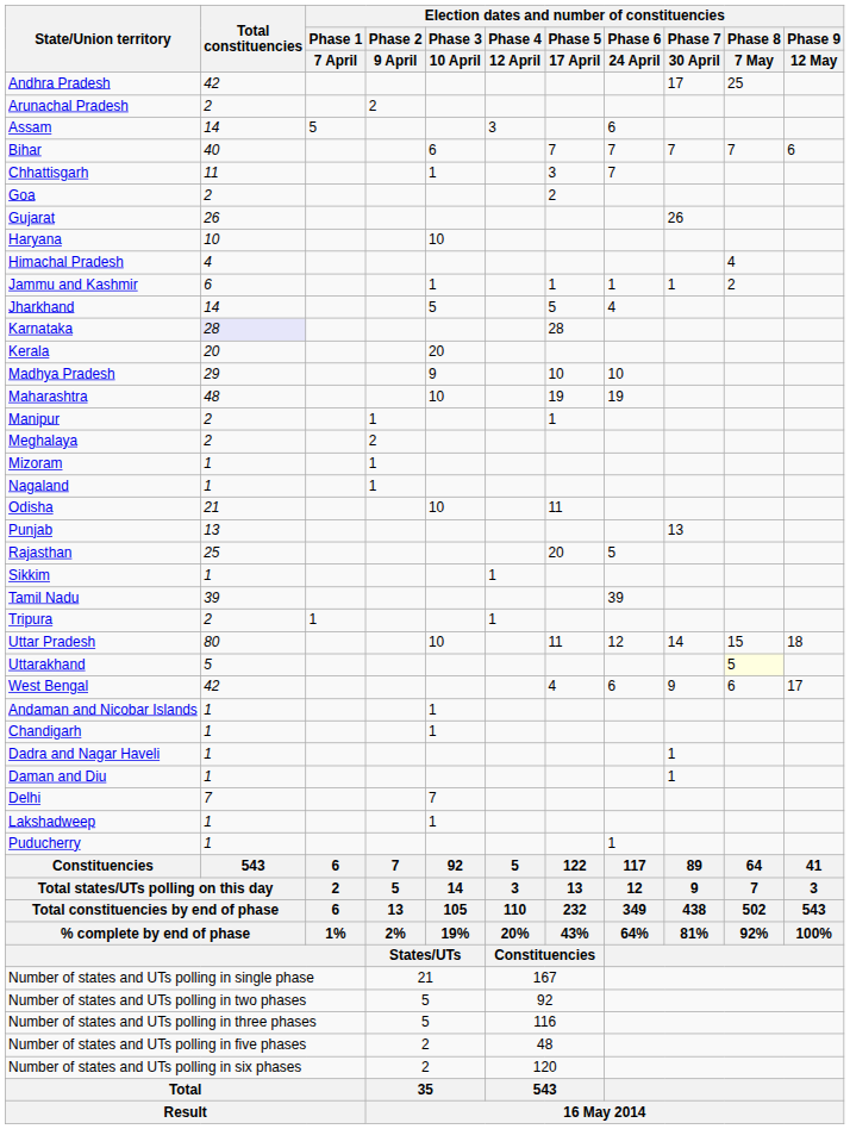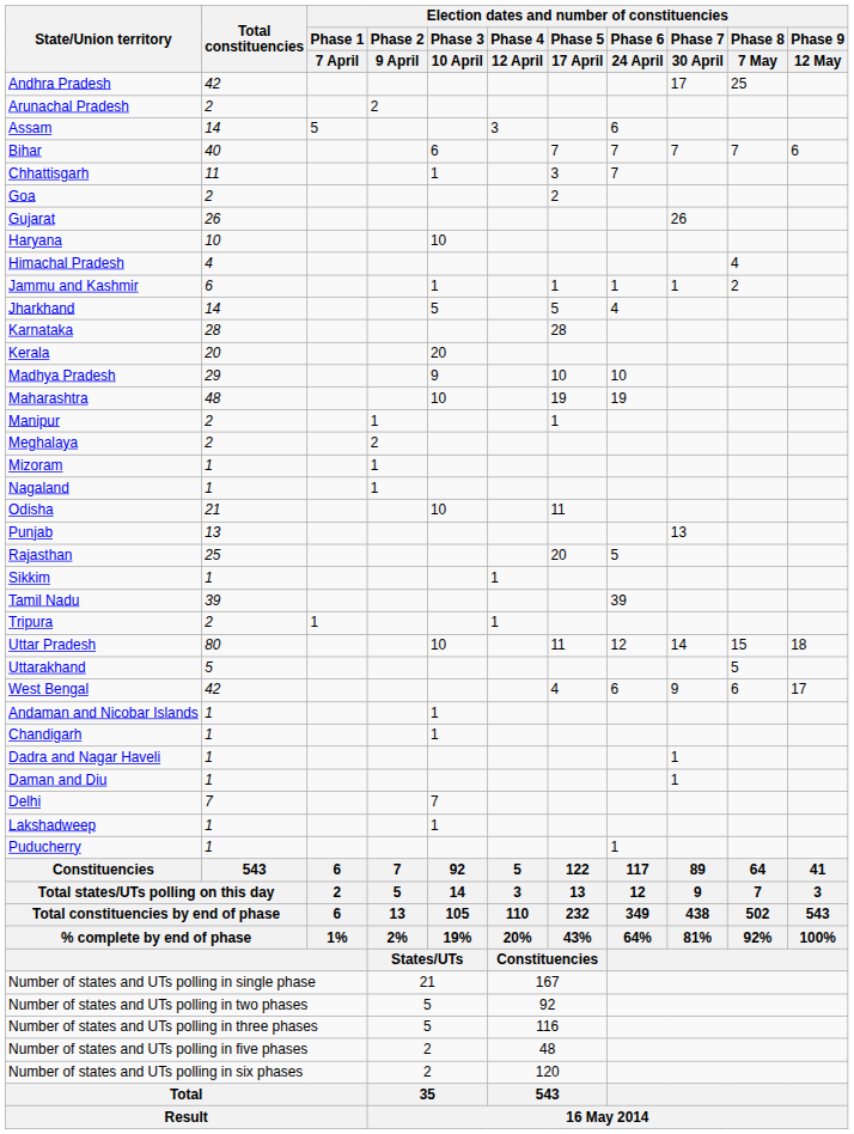 <table class="wikitable collapsible">
 <tr>
 <th rowspan="3">State/Union territory</th>
 <th rowspan="3">Total<br>constituencies</th>
 <th colspan="9">Election dates and number of constituencies</th>
 </tr>
 <tr>
 <th>Phase 1</th>
 <th>Phase 2</th>
 <th>Phase 3</th>
 <th>Phase 4</th>
 <th>Phase 5</th>
 <th>Phase 6</th>
 <th>Phase 7</th>
 <th>Phase 8</th>
 <th>Phase 9</th>
 </tr>
 <tr>
 <th>7 April</th>
 <th>9 April</th>
 <th>10 April</th>
 <th>12 April</th>
 <th>17 April</th>
 <th>24 April</th>
 <th>30 April</th>
 <th>7 May</th>
 <th>12 May</th>
 </tr>
 <tr>
 <td><a href='#'>Andhra Pradesh</a></td>
 <td><em>42</em></td>
 <td></td>
 <td></td>
 <td></td>
 <td></td>
 <td></td>
 <td></td>
 <td>17</td>
 <td>25</td>
 <td></td>
 </tr>
 <tr>
 <td><a href='#'>Arunachal Pradesh</a></td>
 <td><em>2</em></td>
 <td></td>
 <td>2</td>
 <td></td>
 <td></td>
 <td></td>
 <td></td>
 <td></td>
 <td></td>
 <td></td>
 </tr>
 <tr>
 <td><a href='#'>Assam</a></td>
 <td><em>14</em></td>
 <td>5</td>
 <td></td>
 <td></td>
 <td>3</td>
 <td></td>
 <td>6</td>
 <td></td>
 <td></td>
 <td></td>
 </tr>
 <tr>
 <td><a href='#'>Bihar</a></td>
 <td><em>40</em></td>
 <td></td>
 <td></td>
 <td>6</td>
 <td></td>
 <td>7</td>
 <td>7</td>
 <td>7</td>
 <td>7</td>
 <td>6</td>
 </tr>
 <tr>
 <td><a href='#'>Chhattisgarh</a></td>
 <td><em>11</em></td>
 <td></td>
 <td></td>
 <td>1</td>
 <td></td>
 <td>3</td>
 <td>7</td>
 <td></td>
 <td></td>
 <td></td>
 </tr>
 <tr>
 <td><a href='#'>Goa</a></td>
 <td><em>2</em></td>
 <td></td>
 <td></td>
 <td></td>
 <td></td>
 <td>2</td>
 <td></td>
 <td></td>
 <td></td>
 <td></td>
 </tr>
 <tr>
 <td><a href='#'>Gujarat</a></td>
 <td><em>26</em></td>
 <td></td>
 <td></td>
 <td></td>
 <td></td>
 <td></td>
 <td></td>
 <td>26</td>
 <td></td>
 <td></td>
 </tr>
 <tr>
 <td><a href='#'>Haryana</a></td>
 <td><em>10</em></td>
 <td></td>
 <td></td>
 <td>10</td>
 <td></td>
 <td></td>
 <td></td>
 <td></td>
 <td></td>
 <td></td>
 </tr>
 <tr>
 <td><a href='#'>Himachal Pradesh</a></td>
 <td><em>4</em></td>
 <td></td>
 <td></td>
 <td></td>
 <td></td>
 <td></td>
 <td></td>
 <td></td>
 <td>4</td>
 <td></td>
 </tr>
 <tr>
 <td><a href='#'>Jammu and Kashmir</a></td>
 <td><em>6</em></td>
 <td></td>
 <td></td>
 <td>1</td>
 <td></td>
 <td>1</td>
 <td>1</td>
 <td>1</td>
 <td>2</td>
 <td></td>
 </tr>
 <tr>
 <td><a href='#'>Jharkhand</a></td>
 <td><em>14</em></td>
 <td></td>
 <td></td>
 <td>5</td>
 <td></td>
 <td>5</td>
 <td>4</td>
 <td></td>
 <td></td>
 <td></td>
 </tr>
 <tr>
 <td><a href='#'>Karnataka</a></td>
-<td style="background: lavender;"><em>28</em></td>
+<td><em>28</em></td>
 <td></td>
 <td></td>
 <td></td>
 <td></td>
 <td>28</td>
 <td></td>
 <td></td>
 <td></td>
 <td></td>
 </tr>
 <tr>
 <td><a href='#'>Kerala</a></td>
 <td><em>20</em></td>
 <td></td>
 <td></td>
 <td>20</td>
 <td></td>
 <td></td>
 <td></td>
 <td></td>
 <td></td>
 <td></td>
 </tr>
 <tr>
 <td><a href='#'>Madhya Pradesh</a></td>
 <td><em>29</em></td>
 <td></td>
 <td></td>
 <td>9</td>
 <td></td>
 <td>10</td>
 <td>10</td>
 <td></td>
 <td></td>
 <td></td>
 </tr>
 <tr>
 <td><a href='#'>Maharashtra</a></td>
 <td><em>48</em></td>
 <td></td>
 <td></td>
 <td>10</td>
 <td></td>
 <td>19</td>
 <td>19</td>
 <td></td>
 <td></td>
 <td></td>
 </tr>
 <tr>
 <td><a href='#'>Manipur</a></td>
 <td><em>2</em></td>
 <td></td>
 <td>1</td>
 <td></td>
 <td></td>
 <td>1</td>
 <td></td>
 <td></td>
 <td></td>
 <td></td>
 </tr>
 <tr>
 <td><a href='#'>Meghalaya</a></td>
 <td><em>2</em></td>
 <td></td>
 <td>2</td>
 <td></td>
 <td></td>
 <td></td>
 <td></td>
 <td></td>
 <td></td>
 <td></td>
 </tr>
 <tr>
 <td><a href='#'>Mizoram</a></td>
 <td><em>1</em></td>
 <td></td>
 <td>1</td>
 <td></td>
 <td></td>
 <td></td>
 <td></td>
 <td></td>
 <td></td>
 <td></td>
 </tr>
 <tr>
 <td><a href='#'>Nagaland</a></td>
 <td><em>1</em></td>
 <td></td>
 <td>1</td>
 <td></td>
 <td></td>
 <td></td>
 <td></td>
 <td></td>
 <td></td>
 <td></td>
 </tr>
 <tr>
 <td><a href='#'>Odisha</a></td>
 <td><em>21</em></td>
 <td></td>
 <td></td>
 <td>10</td>
 <td></td>
 <td>11</td>
 <td></td>
 <td></td>
 <td></td>
 </tr>
 <tr>
 <td><a href='#'>Punjab</a></td>
 <td><em>13</em></td>
 <td></td>
 <td></td>
 <td></td>
 <td></td>
 <td></td>
 <td></td>
 <td>13</td>
 <td></td>
 <td></td>
 </tr>
 <tr>
 <td><a href='#'>Rajasthan</a></td>
 <td><em>25</em></td>
 <td></td>
 <td></td>
 <td></td>
 <td></td>
 <td>20</td>
 <td>5</td>
 <td></td>
 <td></td>
 <td></td>
 </tr>
 <tr>
 <td><a href='#'>Sikkim</a></td>
 <td><em>1</em></td>
 <td></td>
 <td></td>
 <td></td>
 <td>1</td>
 <td></td>
 <td></td>
 <td></td>
 <td></td>
 </tr>
 <tr>
 <td><a href='#'>Tamil Nadu</a></td>
 <td><em>39</em></td>
 <td></td>
 <td></td>
 <td></td>
 <td></td>
 <td></td>
 <td>39</td>
 <td></td>
 <td></td>
 <td></td>
 </tr>
 <tr>
 <td><a href='#'>Tripura</a></td>
 <td><em>2</em></td>
 <td>1</td>
 <td></td>
 <td></td>
 <td>1</td>
 <td></td>
 <td></td>
 <td></td>
 <td></td>
 <td></td>
 </tr>
 <tr>
 <td><a href='#'>Uttar Pradesh</a></td>
 <td><em>80</em></td>
 <td></td>
 <td></td>
 <td>10</td>
 <td></td>
 <td>11</td>
 <td>12</td>
 <td>14</td>
 <td>15</td>
 <td>18</td>
 </tr>
 <tr>
 <td><a href='#'>Uttarakhand</a></td>
 <td><em>5</em></td>
 <td></td>
 <td></td>
 <td></td>
 <td></td>
 <td></td>
 <td></td>
 <td></td>
-<td style="background: lightyellow;">5</td>
+<td>5</td>
 <td></td>
 </tr>
 <tr>
 <td><a href='#'>West Bengal</a></td>
 <td><em>42</em></td>
 <td></td>
 <td></td>
 <td></td>
 <td></td>
 <td>4</td>
 <td>6</td>
 <td>9</td>
 <td>6</td>
 <td>17</td>
 </tr>
 <tr>
 <td><a href='#'>Andaman and Nicobar Islands</a></td>
 <td><em>1</em></td>
 <td></td>
 <td></td>
 <td>1</td>
 <td></td>
 <td></td>
 <td></td>
 <td></td>
 <td></td>
 <td></td>
 </tr>
 <tr>
 <td><a href='#'>Chandigarh</a></td>
 <td><em>1</em></td>
 <td></td>
 <td></td>
 <td>1</td>
 <td></td>
 <td></td>
 <td></td>
 <td></td>
 <td></td>
 <td></td>
 </tr>
 <tr>
 <td><a href='#'>Dadra and Nagar Haveli</a></td>
 <td><em>1</em></td>
 <td></td>
 <td></td>
 <td></td>
 <td></td>
 <td></td>
 <td></td>
 <td>1</td>
 <td></td>
 <td></td>
 </tr>
 <tr>
 <td><a href='#'>Daman and Diu</a></td>
 <td><em>1</em></td>
 <td></td>
 <td></td>
 <td></td>
 <td></td>
 <td></td>
 <td></td>
 <td>1</td>
 <td></td>
 <td></td>
 </tr>
 <tr>
 <td><a href='#'>Delhi</a></td>
 <td><em>7</em></td>
 <td></td>
 <td></td>
 <td>7</td>
 <td></td>
 <td></td>
 <td></td>
 <td></td>
 <td></td>
 <td></td>
 </tr>
 <tr>
 <td><a href='#'>Lakshadweep</a></td>
 <td><em>1</em></td>
 <td></td>
 <td></td>
 <td>1</td>
 <td></td>
 <td></td>
 <td></td>
 <td></td>
 <td></td>
 <td></td>
 </tr>
 <tr>
 <td><a href='#'>Puducherry</a></td>
 <td><em>1</em></td>
 <td></td>
 <td></td>
 <td></td>
 <td></td>
 <td></td>
 <td>1</td>
 <td></td>
 <td></td>
 <td></td>
 </tr>
 <tr>
 <th>Constituencies</th>
 <th>543</th>
 <th>6</th>
 <th>7</th>
 <th>92</th>
 <th>5</th>
 <th>122</th>
 <th>117</th>
 <th>89</th>
 <th>64</th>
 <th>41</th>
 </tr>
 <tr>
 <th colspan=2>Total states/UTs polling on this day</th>
 <th>2</th>
 <th>5</th>
 <th>14</th>
 <th>3</th>
 <th>13</th>
 <th>12</th>
 <th>9</th>
 <th>7</th>
 <th>3</th>
 </tr>
 <tr>
 <th colspan=2>Total constituencies by end of phase</th>
 <th>6</th>
 <th>13</th>
 <th>105</th>
 <th>110</th>
 <th>232</th>
 <th>349</th>
 <th>438</th>
 <th>502</th>
 <th>543</th>
 </tr>
 <tr>
 <th colspan=2>% complete by end of phase</th>
 <th>1%</th>
 <th>2%</th>
 <th>19%</th>
 <th>20%</th>
 <th>43%</th>
 <th>64%</th>
 <th>81%</th>
 <th>92%</th>
 <th>100%</th>
 </tr>
 <tr>
 <th colspan=3></th>
 <th colspan=2>States/UTs</th>
 <th colspan=2>Constituencies</th>
 <th colspan=7></th>
 </tr>
 <tr>
 <td colspan=3>Number of states and UTs polling in single phase</td>
 <td colspan="2" style="text-align:center;">21</td>
 <td colspan="2" style="text-align:center;">167</td>
 <td colspan="7" style="text-align:center;"></td>
 </tr>
 <tr>
 <td colspan=3>Number of states and UTs polling in two phases</td>
 <td colspan="2" style="text-align:center;">5</td>
 <td colspan="2" style="text-align:center;">92</td>
 <td colspan="7" style="text-align:center;"></td>
 </tr>
 <tr>
 <td colspan=3>Number of states and UTs polling in three phases</td>
 <td colspan="2" style="text-align:center;">5</td>
 <td colspan="2" style="text-align:center;">116</td>
 <td colspan="7" style="text-align:center;"></td>
 </tr>
 <tr>
 <td colspan=3>Number of states and UTs polling in five phases</td>
 <td colspan="2" style="text-align:center;">2</td>
 <td colspan="2" style="text-align:center;">48</td>
 <td colspan="7" style="text-align:center;"></td>
 </tr>
 <tr>
 <td colspan=3>Number of states and UTs polling in six phases</td>
 <td colspan="2" style="text-align:center;">2</td>
 <td colspan="2" style="text-align:center;">120</td>
 <td colspan="7" style="text-align:center;"></td>
 </tr>
 <tr>
 <th colspan=3>Total</th>
 <th colspan="2" style="text-align:center;">35</th>
 <th colspan="2" style="text-align:center;">543</th>
 <th colspan="7" style="text-align:center;"></th>
 </tr>
 <tr>
 <th colspan=3>Result</th>
 <th colspan="8">16 May 2014</th>
 </tr>
 </table>
